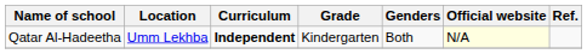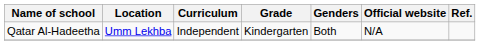 <table class="wikitable">
 <tr>
 <th>Name of school</th>
 <th>Location</th>
 <th>Curriculum</th>
 <th>Grade</th>
 <th>Genders</th>
 <th>Official website</th>
 <th>Ref.</th>
 </tr>
 <tr>
 <td>Qatar Al-Hadeetha</td>
 <td><a href='#'>Umm Lekhba</a></td>
-<td><strong>Independent</strong></td>
+<td>Independent</td>
 <td>Kindergarten</td>
 <td>Both</td>
-<td style="background: lightyellow;">N/A</td>
+<td>N/A</td>
 <td></td>
 </tr>
 <tr>
 </tr>
 </table>
